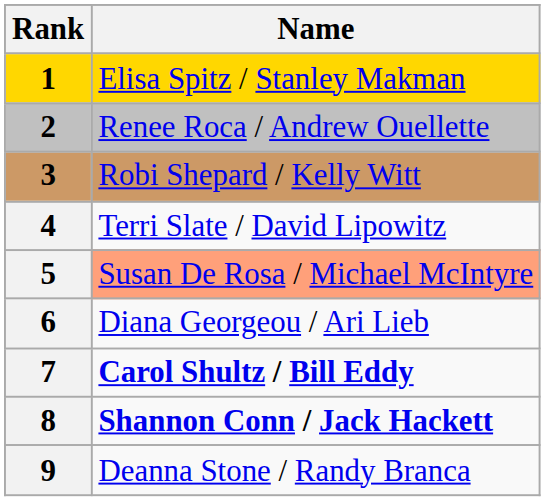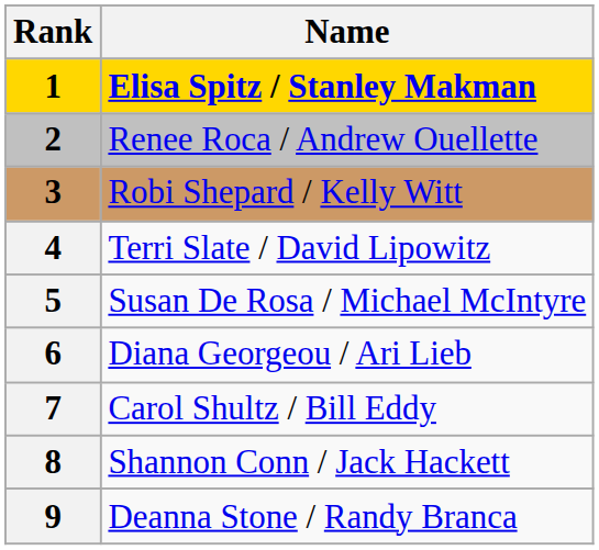 <table class="wikitable">
 <tr>
 <th>Rank</th>
 <th>Name</th>
 </tr>
 <tr bgcolor="gold">
 <td align="center"><strong>1</strong></td>
-<td><a href='#'>Elisa Spitz</a> / <a href='#'>Stanley Makman</a></td>
+<td><strong><a href='#'>Elisa Spitz</a> / <a href='#'>Stanley Makman</a></strong></td>
 </tr>
 <tr bgcolor="silver">
 <td align="center"><strong>2</strong></td>
 <td><a href='#'>Renee Roca</a> / <a href='#'>Andrew Ouellette</a></td>
 </tr>
 <tr bgcolor="cc9966">
 <td align="center"><strong>3</strong></td>
 <td><a href='#'>Robi Shepard</a> / <a href='#'>Kelly Witt</a></td>
 </tr>
 <tr>
 <th>4</th>
 <td><a href='#'>Terri Slate</a> / <a href='#'>David Lipowitz</a></td>
 </tr>
 <tr>
 <th>5</th>
-<td style="background: lightsalmon;"><a href='#'>Susan De Rosa</a> / <a href='#'>Michael McIntyre</a></td>
+<td><a href='#'>Susan De Rosa</a> / <a href='#'>Michael McIntyre</a></td>
 </tr>
 <tr>
 <th>6</th>
 <td><a href='#'>Diana Georgeou</a> / <a href='#'>Ari Lieb</a></td>
 </tr>
 <tr>
 <th>7</th>
-<td><strong><a href='#'>Carol Shultz</a> / <a href='#'>Bill Eddy</a></strong></td>
+<td><a href='#'>Carol Shultz</a> / <a href='#'>Bill Eddy</a></td>
 </tr>
 <tr>
 <th>8</th>
-<td><strong><a href='#'>Shannon Conn</a> / <a href='#'>Jack Hackett</a></strong></td>
+<td><a href='#'>Shannon Conn</a> / <a href='#'>Jack Hackett</a></td>
 </tr>
 <tr>
 <th>9</th>
 <td><a href='#'>Deanna Stone</a> / <a href='#'>Randy Branca</a></td>
 </tr>
 </table>
